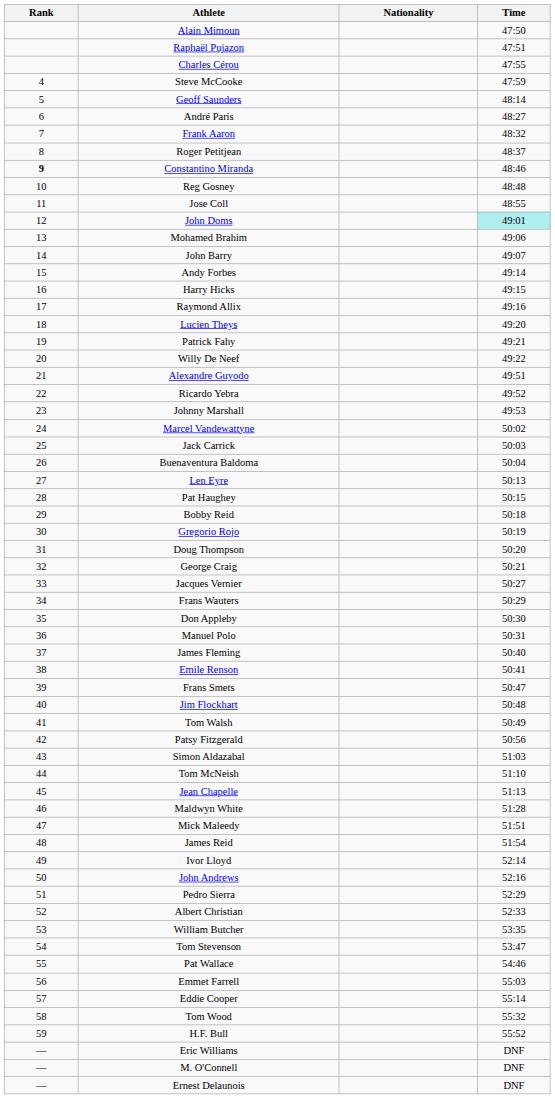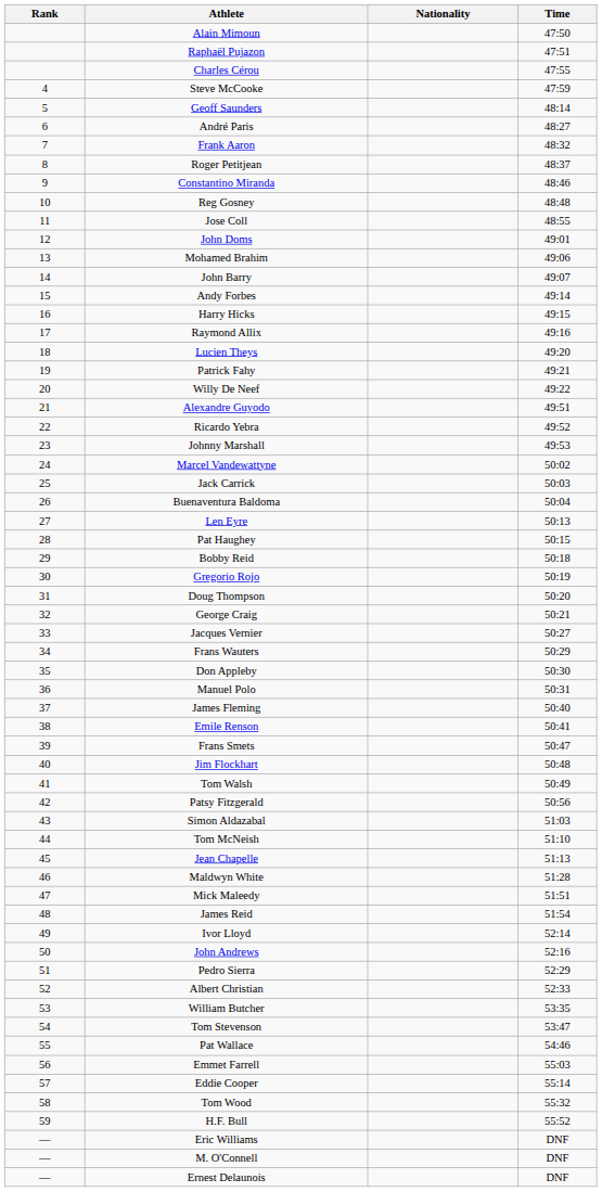 <table class="wikitable sortable" style=" text-align:center; font-size:95%;" width="50%">
 <tr>
 <th>Rank</th>
 <th>Athlete</th>
 <th>Nationality</th>
 <th>Time</th>
 </tr>
 <tr>
 <td align=center></td>
 <td><a href='#'>Alain Mimoun</a></td>
 <td></td>
 <td>47:50</td>
 </tr>
 <tr>
 <td align=center></td>
 <td><a href='#'>Raphaël Pujazon</a></td>
 <td></td>
 <td>47:51</td>
 </tr>
 <tr>
 <td align=center></td>
 <td><a href='#'>Charles Cérou</a></td>
 <td></td>
 <td>47:55</td>
 </tr>
 <tr>
 <td align=center>4</td>
 <td>Steve McCooke</td>
 <td></td>
 <td>47:59</td>
 </tr>
 <tr>
 <td align=center>5</td>
 <td><a href='#'>Geoff Saunders</a></td>
 <td></td>
 <td>48:14</td>
 </tr>
 <tr>
 <td align=center>6</td>
 <td>André Paris</td>
 <td></td>
 <td>48:27</td>
 </tr>
 <tr>
 <td align=center>7</td>
 <td><a href='#'>Frank Aaron</a></td>
 <td></td>
 <td>48:32</td>
 </tr>
 <tr>
 <td align=center>8</td>
 <td>Roger Petitjean</td>
 <td></td>
 <td>48:37</td>
 </tr>
 <tr>
-<td align=center><strong>9</strong></td>
+<td align=center>9</td>
 <td><a href='#'>Constantino Miranda</a></td>
 <td></td>
 <td>48:46</td>
 </tr>
 <tr>
 <td align=center>10</td>
 <td>Reg Gosney</td>
 <td></td>
 <td>48:48</td>
 </tr>
 <tr>
 <td align=center>11</td>
 <td>Jose Coll</td>
 <td></td>
 <td>48:55</td>
 </tr>
 <tr>
 <td align=center>12</td>
 <td><a href='#'>John Doms</a></td>
 <td></td>
-<td style="background: paleturquoise;">49:01</td>
+<td>49:01</td>
 </tr>
 <tr>
 <td align=center>13</td>
 <td>Mohamed Brahim</td>
 <td></td>
 <td>49:06</td>
 </tr>
 <tr>
 <td align=center>14</td>
 <td>John Barry</td>
 <td></td>
 <td>49:07</td>
 </tr>
 <tr>
 <td align=center>15</td>
 <td>Andy Forbes</td>
 <td></td>
 <td>49:14</td>
 </tr>
 <tr>
 <td align=center>16</td>
 <td>Harry Hicks</td>
 <td></td>
 <td>49:15</td>
 </tr>
 <tr>
 <td align=center>17</td>
 <td>Raymond Allix</td>
 <td></td>
 <td>49:16</td>
 </tr>
 <tr>
 <td align=center>18</td>
 <td><a href='#'>Lucien Theys</a></td>
 <td></td>
 <td>49:20</td>
 </tr>
 <tr>
 <td align=center>19</td>
 <td>Patrick Fahy</td>
 <td></td>
 <td>49:21</td>
 </tr>
 <tr>
 <td align=center>20</td>
 <td>Willy De Neef</td>
 <td></td>
 <td>49:22</td>
 </tr>
 <tr>
 <td align=center>21</td>
 <td><a href='#'>Alexandre Guyodo</a></td>
 <td></td>
 <td>49:51</td>
 </tr>
 <tr>
 <td align=center>22</td>
 <td>Ricardo Yebra</td>
 <td></td>
 <td>49:52</td>
 </tr>
 <tr>
 <td align=center>23</td>
 <td>Johnny Marshall</td>
 <td></td>
 <td>49:53</td>
 </tr>
 <tr>
 <td align=center>24</td>
 <td><a href='#'>Marcel Vandewattyne</a></td>
 <td></td>
 <td>50:02</td>
 </tr>
 <tr>
 <td align=center>25</td>
 <td>Jack Carrick</td>
 <td></td>
 <td>50:03</td>
 </tr>
 <tr>
 <td align=center>26</td>
 <td>Buenaventura Baldoma</td>
 <td></td>
 <td>50:04</td>
 </tr>
 <tr>
 <td align=center>27</td>
 <td><a href='#'>Len Eyre</a></td>
 <td></td>
 <td>50:13</td>
 </tr>
 <tr>
 <td align=center>28</td>
 <td>Pat Haughey</td>
 <td></td>
 <td>50:15</td>
 </tr>
 <tr>
 <td align=center>29</td>
 <td>Bobby Reid</td>
 <td></td>
 <td>50:18</td>
 </tr>
 <tr>
 <td align=center>30</td>
 <td><a href='#'>Gregorio Rojo</a></td>
 <td></td>
 <td>50:19</td>
 </tr>
 <tr>
 <td align=center>31</td>
 <td>Doug Thompson</td>
 <td></td>
 <td>50:20</td>
 </tr>
 <tr>
 <td align=center>32</td>
 <td>George Craig</td>
 <td></td>
 <td>50:21</td>
 </tr>
 <tr>
 <td align=center>33</td>
 <td>Jacques Vernier</td>
 <td></td>
 <td>50:27</td>
 </tr>
 <tr>
 <td align=center>34</td>
 <td>Frans Wauters</td>
 <td></td>
 <td>50:29</td>
 </tr>
 <tr>
 <td align=center>35</td>
 <td>Don Appleby</td>
 <td></td>
 <td>50:30</td>
 </tr>
 <tr>
 <td align=center>36</td>
 <td>Manuel Polo</td>
 <td></td>
 <td>50:31</td>
 </tr>
 <tr>
 <td align=center>37</td>
 <td>James Fleming</td>
 <td></td>
 <td>50:40</td>
 </tr>
 <tr>
 <td align=center>38</td>
 <td><a href='#'>Emile Renson</a></td>
 <td></td>
 <td>50:41</td>
 </tr>
 <tr>
 <td align=center>39</td>
 <td>Frans Smets</td>
 <td></td>
 <td>50:47</td>
 </tr>
 <tr>
 <td align=center>40</td>
 <td><a href='#'>Jim Flockhart</a></td>
 <td></td>
 <td>50:48</td>
 </tr>
 <tr>
 <td align=center>41</td>
 <td>Tom Walsh</td>
 <td></td>
 <td>50:49</td>
 </tr>
 <tr>
 <td align=center>42</td>
 <td>Patsy Fitzgerald</td>
 <td></td>
 <td>50:56</td>
 </tr>
 <tr>
 <td align=center>43</td>
 <td>Simon Aldazabal</td>
 <td></td>
 <td>51:03</td>
 </tr>
 <tr>
 <td align=center>44</td>
 <td>Tom McNeish</td>
 <td></td>
 <td>51:10</td>
 </tr>
 <tr>
 <td align=center>45</td>
 <td><a href='#'>Jean Chapelle</a></td>
 <td></td>
 <td>51:13</td>
 </tr>
 <tr>
 <td align=center>46</td>
 <td>Maldwyn White</td>
 <td></td>
 <td>51:28</td>
 </tr>
 <tr>
 <td align=center>47</td>
 <td>Mick Maleedy</td>
 <td></td>
 <td>51:51</td>
 </tr>
 <tr>
 <td align=center>48</td>
 <td>James Reid</td>
 <td></td>
 <td>51:54</td>
 </tr>
 <tr>
 <td align=center>49</td>
 <td>Ivor Lloyd</td>
 <td></td>
 <td>52:14</td>
 </tr>
 <tr>
 <td align=center>50</td>
 <td><a href='#'>John Andrews</a></td>
 <td></td>
 <td>52:16</td>
 </tr>
 <tr>
 <td align=center>51</td>
 <td>Pedro Sierra</td>
 <td></td>
 <td>52:29</td>
 </tr>
 <tr>
 <td align=center>52</td>
 <td>Albert Christian</td>
 <td></td>
 <td>52:33</td>
 </tr>
 <tr>
 <td align=center>53</td>
 <td>William Butcher</td>
 <td></td>
 <td>53:35</td>
 </tr>
 <tr>
 <td align=center>54</td>
 <td>Tom Stevenson</td>
 <td></td>
 <td>53:47</td>
 </tr>
 <tr>
 <td align=center>55</td>
 <td>Pat Wallace</td>
 <td></td>
 <td>54:46</td>
 </tr>
 <tr>
 <td align=center>56</td>
 <td>Emmet Farrell</td>
 <td></td>
 <td>55:03</td>
 </tr>
 <tr>
 <td align=center>57</td>
 <td>Eddie Cooper</td>
 <td></td>
 <td>55:14</td>
 </tr>
 <tr>
 <td align=center>58</td>
 <td>Tom Wood</td>
 <td></td>
 <td>55:32</td>
 </tr>
 <tr>
 <td align=center>59</td>
 <td>H.F. Bull</td>
 <td></td>
 <td>55:52</td>
 </tr>
 <tr>
 <td align=center>—</td>
 <td>Eric Williams</td>
 <td></td>
 <td>DNF</td>
 </tr>
 <tr>
 <td align=center>—</td>
 <td>M. O'Connell</td>
 <td></td>
 <td>DNF</td>
 </tr>
 <tr>
 <td align=center>—</td>
 <td>Ernest Delaunois</td>
 <td></td>
 <td>DNF</td>
 </tr>
 </table>
